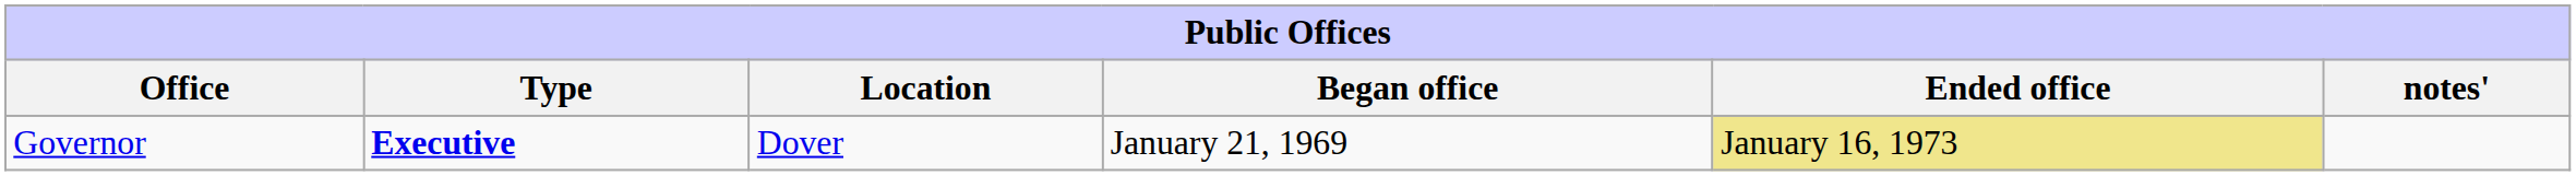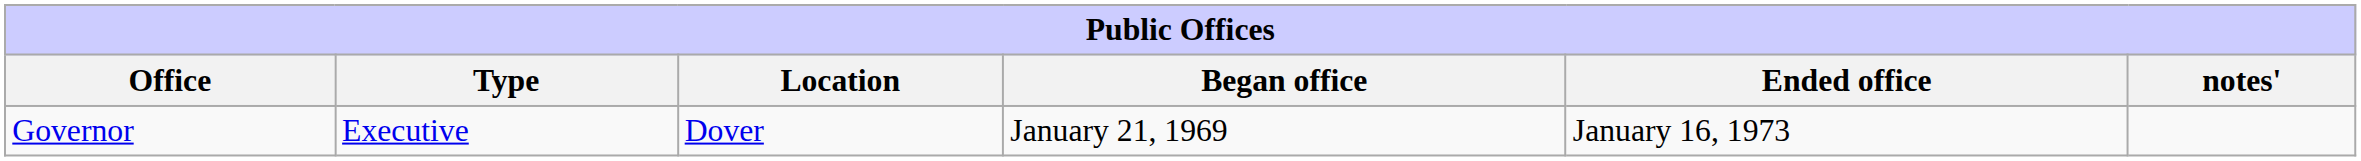 <table class=wikitable style="width: 94%" style="text-align: center;" align="center">
 <tr bgcolor=#cccccc>
 <th colspan=7 style="background: #ccccff;">Public Offices</th>
 </tr>
 <tr>
 <th>Office</th>
 <th>Type</th>
 <th>Location</th>
 <th>Began office</th>
 <th>Ended office</th>
 <th>notes'</th>
 </tr>
 <tr>
 <td><a href='#'>Governor</a></td>
-<td><strong><a href='#'>Executive</a></strong></td>
+<td><a href='#'>Executive</a></td>
 <td><a href='#'>Dover</a></td>
 <td>January 21, 1969</td>
-<td style="background: khaki;">January 16, 1973</td>
+<td>January 16, 1973</td>
 <td></td>
 </tr>
 </table>
